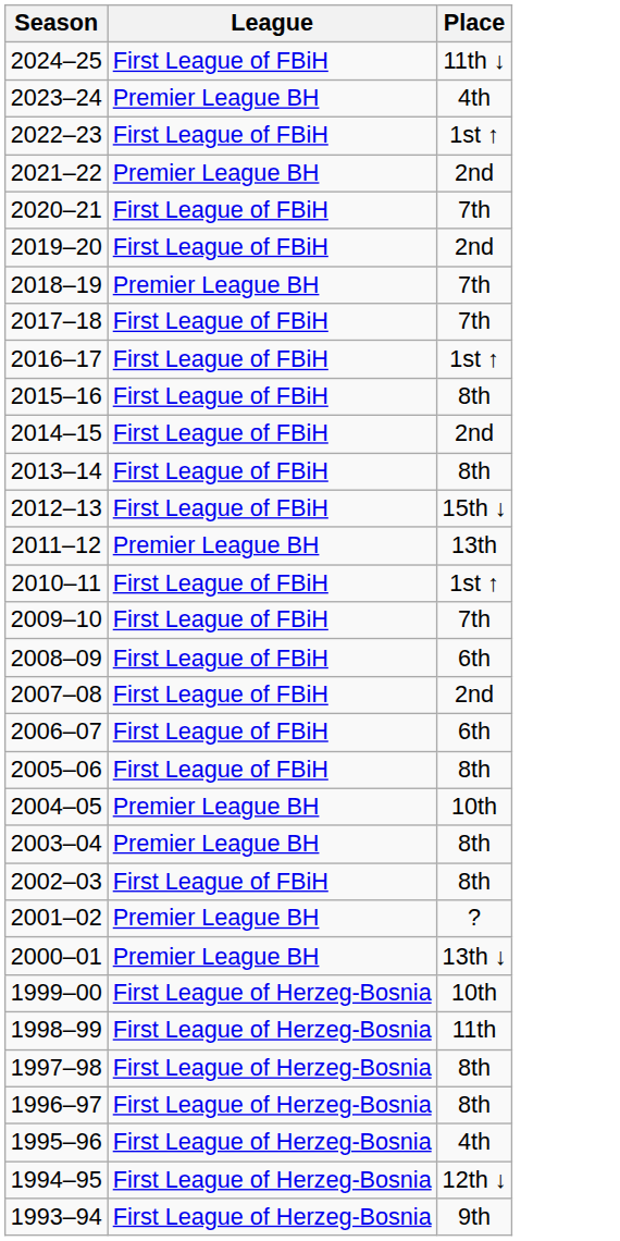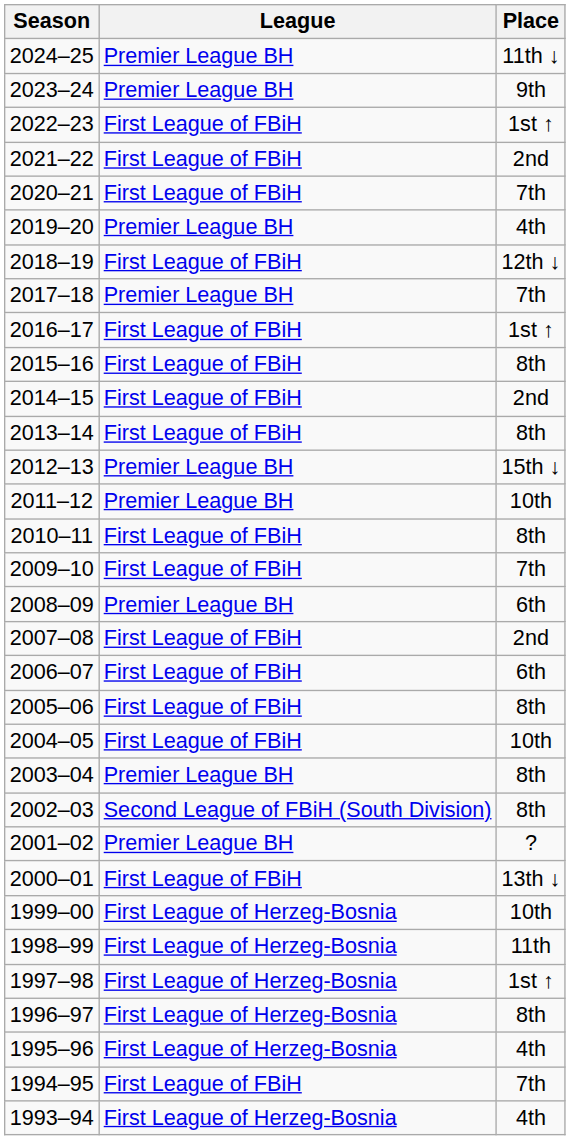 <table class="wikitable">
 <tr>
 <th>Season</th>
 <th>League</th>
 <th>Place</th>
 </tr>
 <tr align="center">
 <td>2024–25</td>
-<td align="left"><a href='#'>First League of FBiH</a></td>
+<td align="left"><a href='#'>Premier League BH</a></td>
 <td>11th ↓</td>
 </tr>
 <tr align="center">
 <td>2023–24</td>
 <td align="left"><a href='#'>Premier League BH</a></td>
-<td>4th</td>
+<td>9th</td>
 </tr>
 <tr align="center">
 <td>2022–23</td>
 <td align="left"><a href='#'>First League of FBiH</a></td>
 <td>1st ↑</td>
 </tr>
 <tr align="center">
 <td>2021–22</td>
-<td align="left"><a href='#'>Premier League BH</a></td>
+<td align="left"><a href='#'>First League of FBiH</a></td>
 <td>2nd</td>
 </tr>
 <tr align="center">
 <td>2020–21</td>
 <td align="left"><a href='#'>First League of FBiH</a></td>
 <td>7th</td>
 </tr>
 <tr align="center">
 <td>2019–20</td>
-<td align="left"><a href='#'>First League of FBiH</a></td>
-<td>2nd</td>
+<td align="left"><a href='#'>Premier League BH</a></td>
+<td>4th</td>
 </tr>
 <tr align="center">
 <td>2018–19</td>
-<td align="left"><a href='#'>Premier League BH</a></td>
-<td>7th</td>
+<td align="left"><a href='#'>First League of FBiH</a></td>
+<td>12th ↓</td>
 </tr>
 <tr align="center">
 <td>2017–18</td>
-<td align="left"><a href='#'>First League of FBiH</a></td>
+<td align="left"><a href='#'>Premier League BH</a></td>
 <td>7th</td>
 </tr>
 <tr align="center">
 <td>2016–17</td>
 <td align="left"><a href='#'>First League of FBiH</a></td>
 <td>1st ↑</td>
 </tr>
 <tr align="center">
 <td>2015–16</td>
 <td align="left"><a href='#'>First League of FBiH</a></td>
 <td>8th</td>
 </tr>
 <tr align="center">
 <td>2014–15</td>
 <td align="left"><a href='#'>First League of FBiH</a></td>
 <td>2nd</td>
 </tr>
 <tr align="center">
 <td>2013–14</td>
 <td align="left"><a href='#'>First League of FBiH</a></td>
 <td>8th</td>
 </tr>
 <tr align="center">
 <td>2012–13</td>
-<td align="left"><a href='#'>First League of FBiH</a></td>
+<td align="left"><a href='#'>Premier League BH</a></td>
 <td>15th ↓</td>
 </tr>
 <tr align="center">
 <td>2011–12</td>
 <td align="left"><a href='#'>Premier League BH</a></td>
-<td>13th</td>
+<td>10th</td>
 </tr>
 <tr align="center">
 <td>2010–11</td>
 <td align="left"><a href='#'>First League of FBiH</a></td>
-<td>1st ↑</td>
+<td>8th</td>
 </tr>
 <tr align="center">
 <td>2009–10</td>
 <td align="left"><a href='#'>First League of FBiH</a></td>
 <td>7th</td>
 </tr>
 <tr align="center">
 <td>2008–09</td>
-<td align="left"><a href='#'>First League of FBiH</a></td>
+<td align="left"><a href='#'>Premier League BH</a></td>
 <td>6th</td>
 </tr>
 <tr align="center">
 <td>2007–08</td>
 <td align="left"><a href='#'>First League of FBiH</a></td>
 <td>2nd</td>
 </tr>
 <tr align="center">
 <td>2006–07</td>
 <td align="left"><a href='#'>First League of FBiH</a></td>
 <td>6th</td>
 </tr>
 <tr align="center">
 <td>2005–06</td>
 <td align="left"><a href='#'>First League of FBiH</a></td>
 <td>8th</td>
 </tr>
 <tr align="center">
 <td>2004–05</td>
-<td align="left"><a href='#'>Premier League BH</a></td>
+<td align="left"><a href='#'>First League of FBiH</a></td>
 <td>10th</td>
 </tr>
 <tr align="center">
 <td>2003–04</td>
 <td align="left"><a href='#'>Premier League BH</a></td>
 <td>8th</td>
 </tr>
 <tr align="center">
 <td>2002–03</td>
-<td align="left"><a href='#'>First League of FBiH</a></td>
+<td align="left"><a href='#'>Second League of FBiH (South Division)</a></td>
 <td>8th</td>
 </tr>
 <tr align="center">
 <td>2001–02</td>
 <td align="left"><a href='#'>Premier League BH</a></td>
 <td>?</td>
 </tr>
 <tr align="center">
 <td>2000–01</td>
-<td align="left"><a href='#'>Premier League BH</a></td>
+<td align="left"><a href='#'>First League of FBiH</a></td>
 <td>13th ↓</td>
 </tr>
 <tr align="center">
 <td>1999–00</td>
 <td align="left"><a href='#'>First League of Herzeg-Bosnia</a></td>
 <td>10th</td>
 </tr>
 <tr align="center">
 <td>1998–99</td>
 <td align="left"><a href='#'>First League of Herzeg-Bosnia</a></td>
 <td>11th</td>
 </tr>
 <tr align="center">
 <td>1997–98</td>
 <td align="left"><a href='#'>First League of Herzeg-Bosnia</a></td>
-<td>8th</td>
+<td>1st ↑</td>
 </tr>
 <tr align="center">
 <td>1996–97</td>
 <td align="left"><a href='#'>First League of Herzeg-Bosnia</a></td>
 <td>8th</td>
 </tr>
 <tr align="center">
 <td>1995–96</td>
 <td align="left"><a href='#'>First League of Herzeg-Bosnia</a></td>
 <td>4th</td>
 </tr>
 <tr align="center">
 <td>1994–95</td>
-<td align="left"><a href='#'>First League of Herzeg-Bosnia</a></td>
-<td>12th ↓</td>
+<td align="left"><a href='#'>First League of FBiH</a></td>
+<td>7th</td>
 </tr>
 <tr align="center">
 <td>1993–94</td>
 <td align="left"><a href='#'>First League of Herzeg-Bosnia</a></td>
-<td>9th</td>
+<td>4th</td>
 </tr>
 </table>
